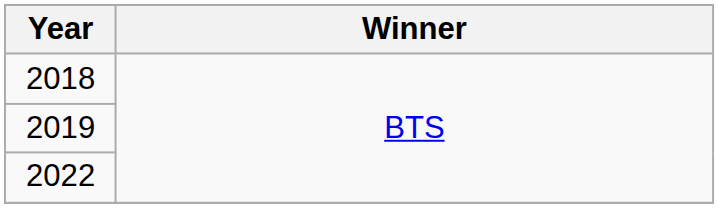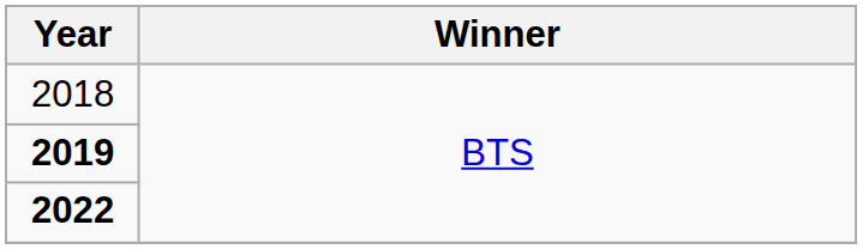 <table class="wikitable" style="text-align: center">
 <tr>
 <th width="50">Year</th>
 <th width="300">Winner</th>
 </tr>
 <tr>
 <td>2018</td>
 <td rowspan="3"><a href='#'>BTS</a></td>
 </tr>
 <tr>
-<td>2019</td>
+<td><strong>2019</strong></td>
 </tr>
 <tr>
-<td>2022</td>
+<td><strong>2022</strong></td>
 </tr>
 <tr>
 </tr>
 </table>
